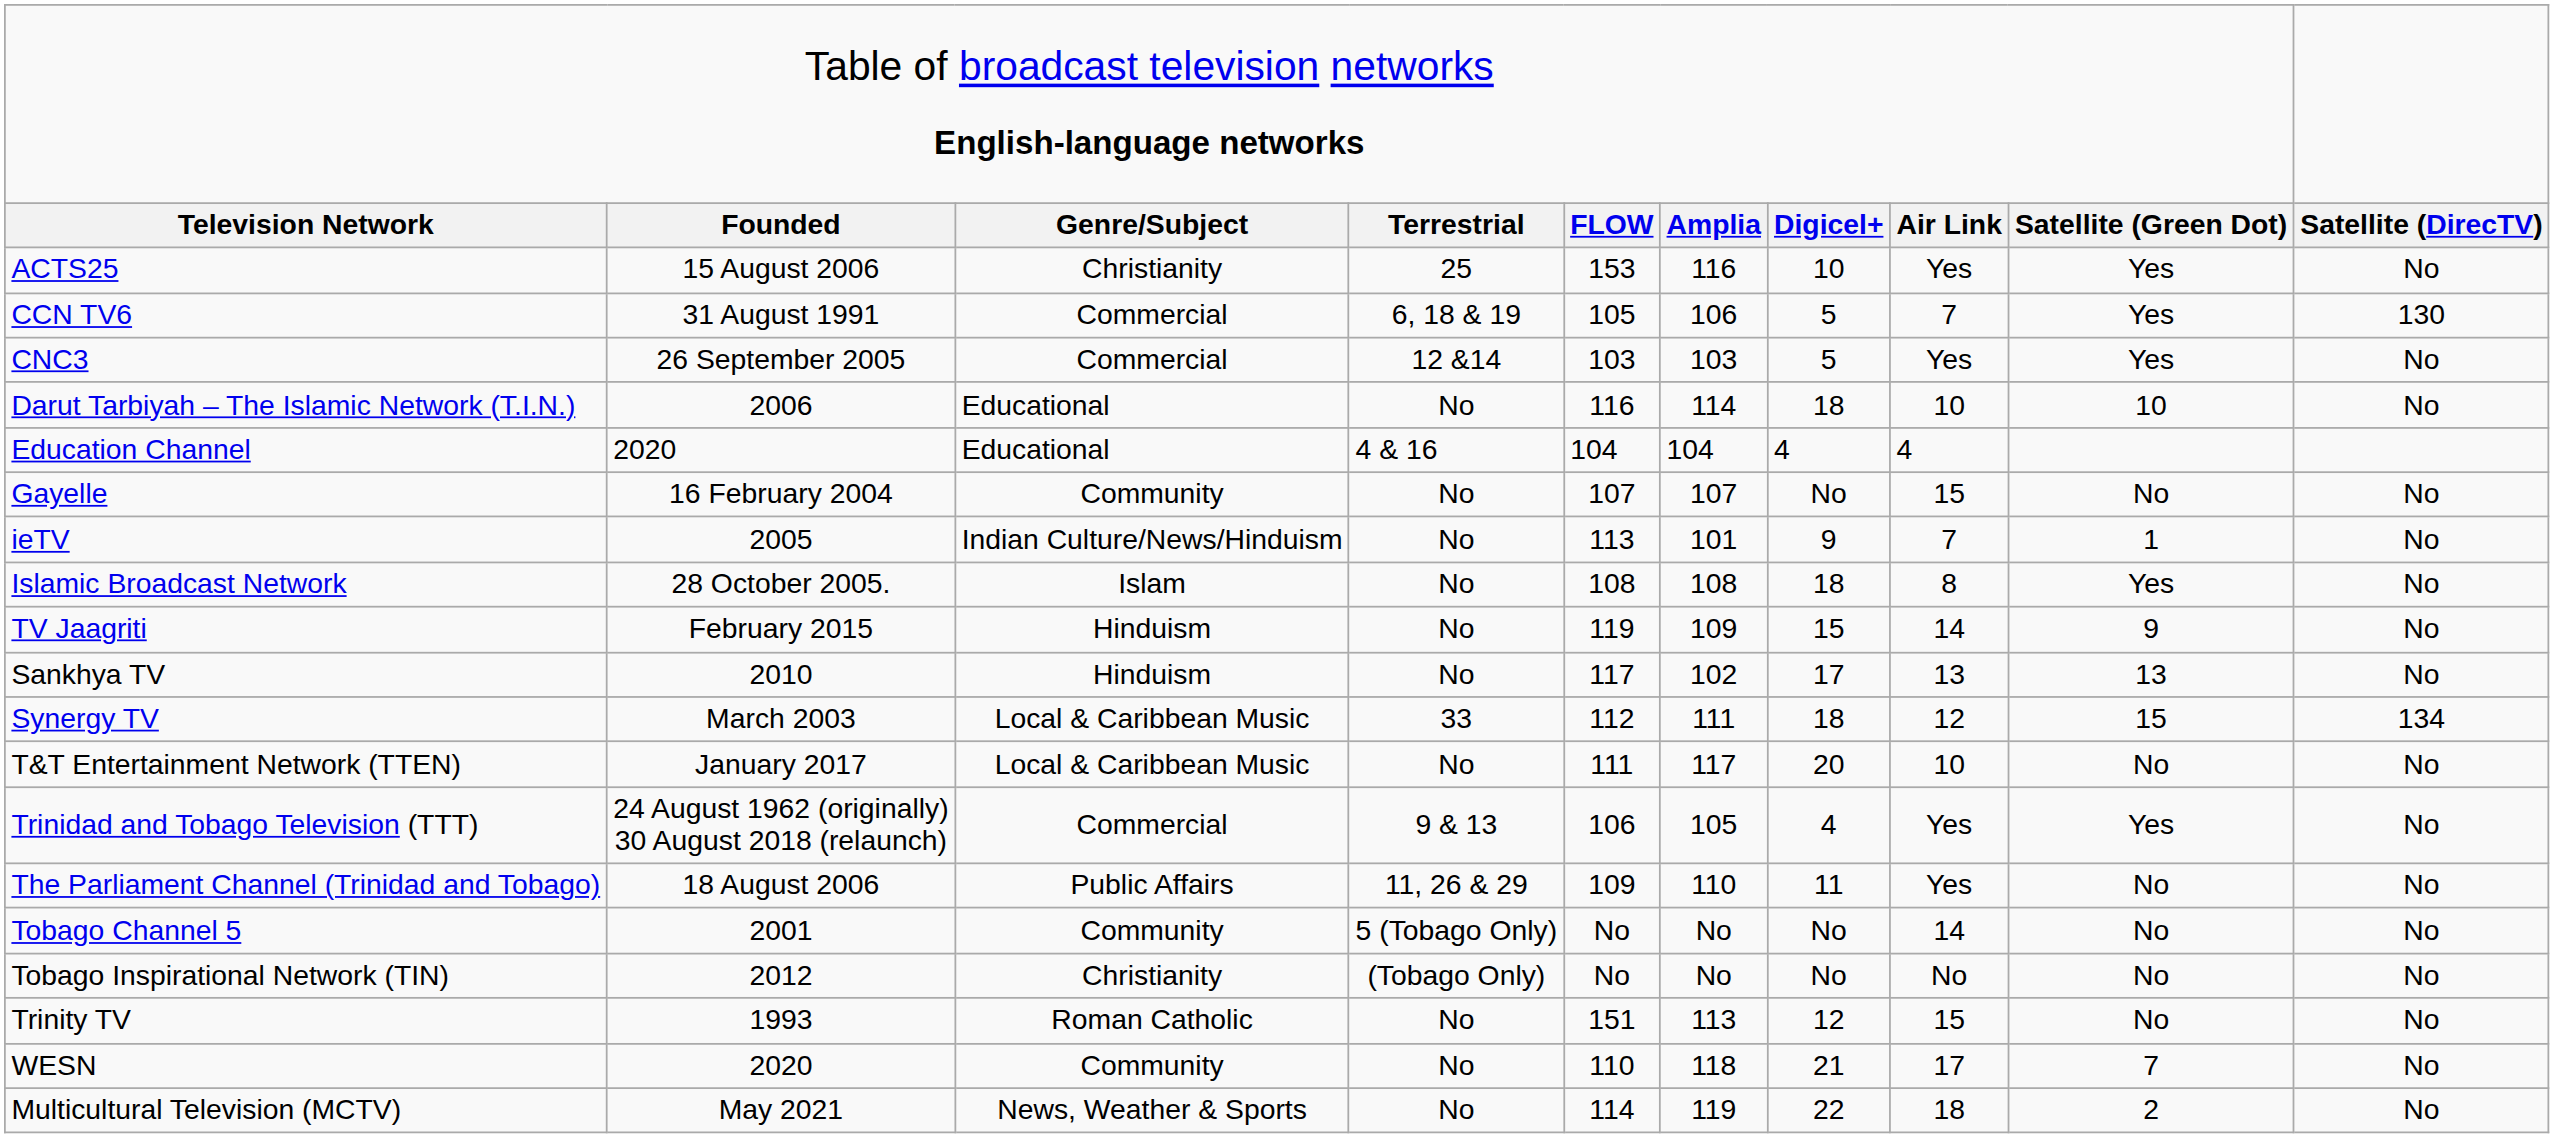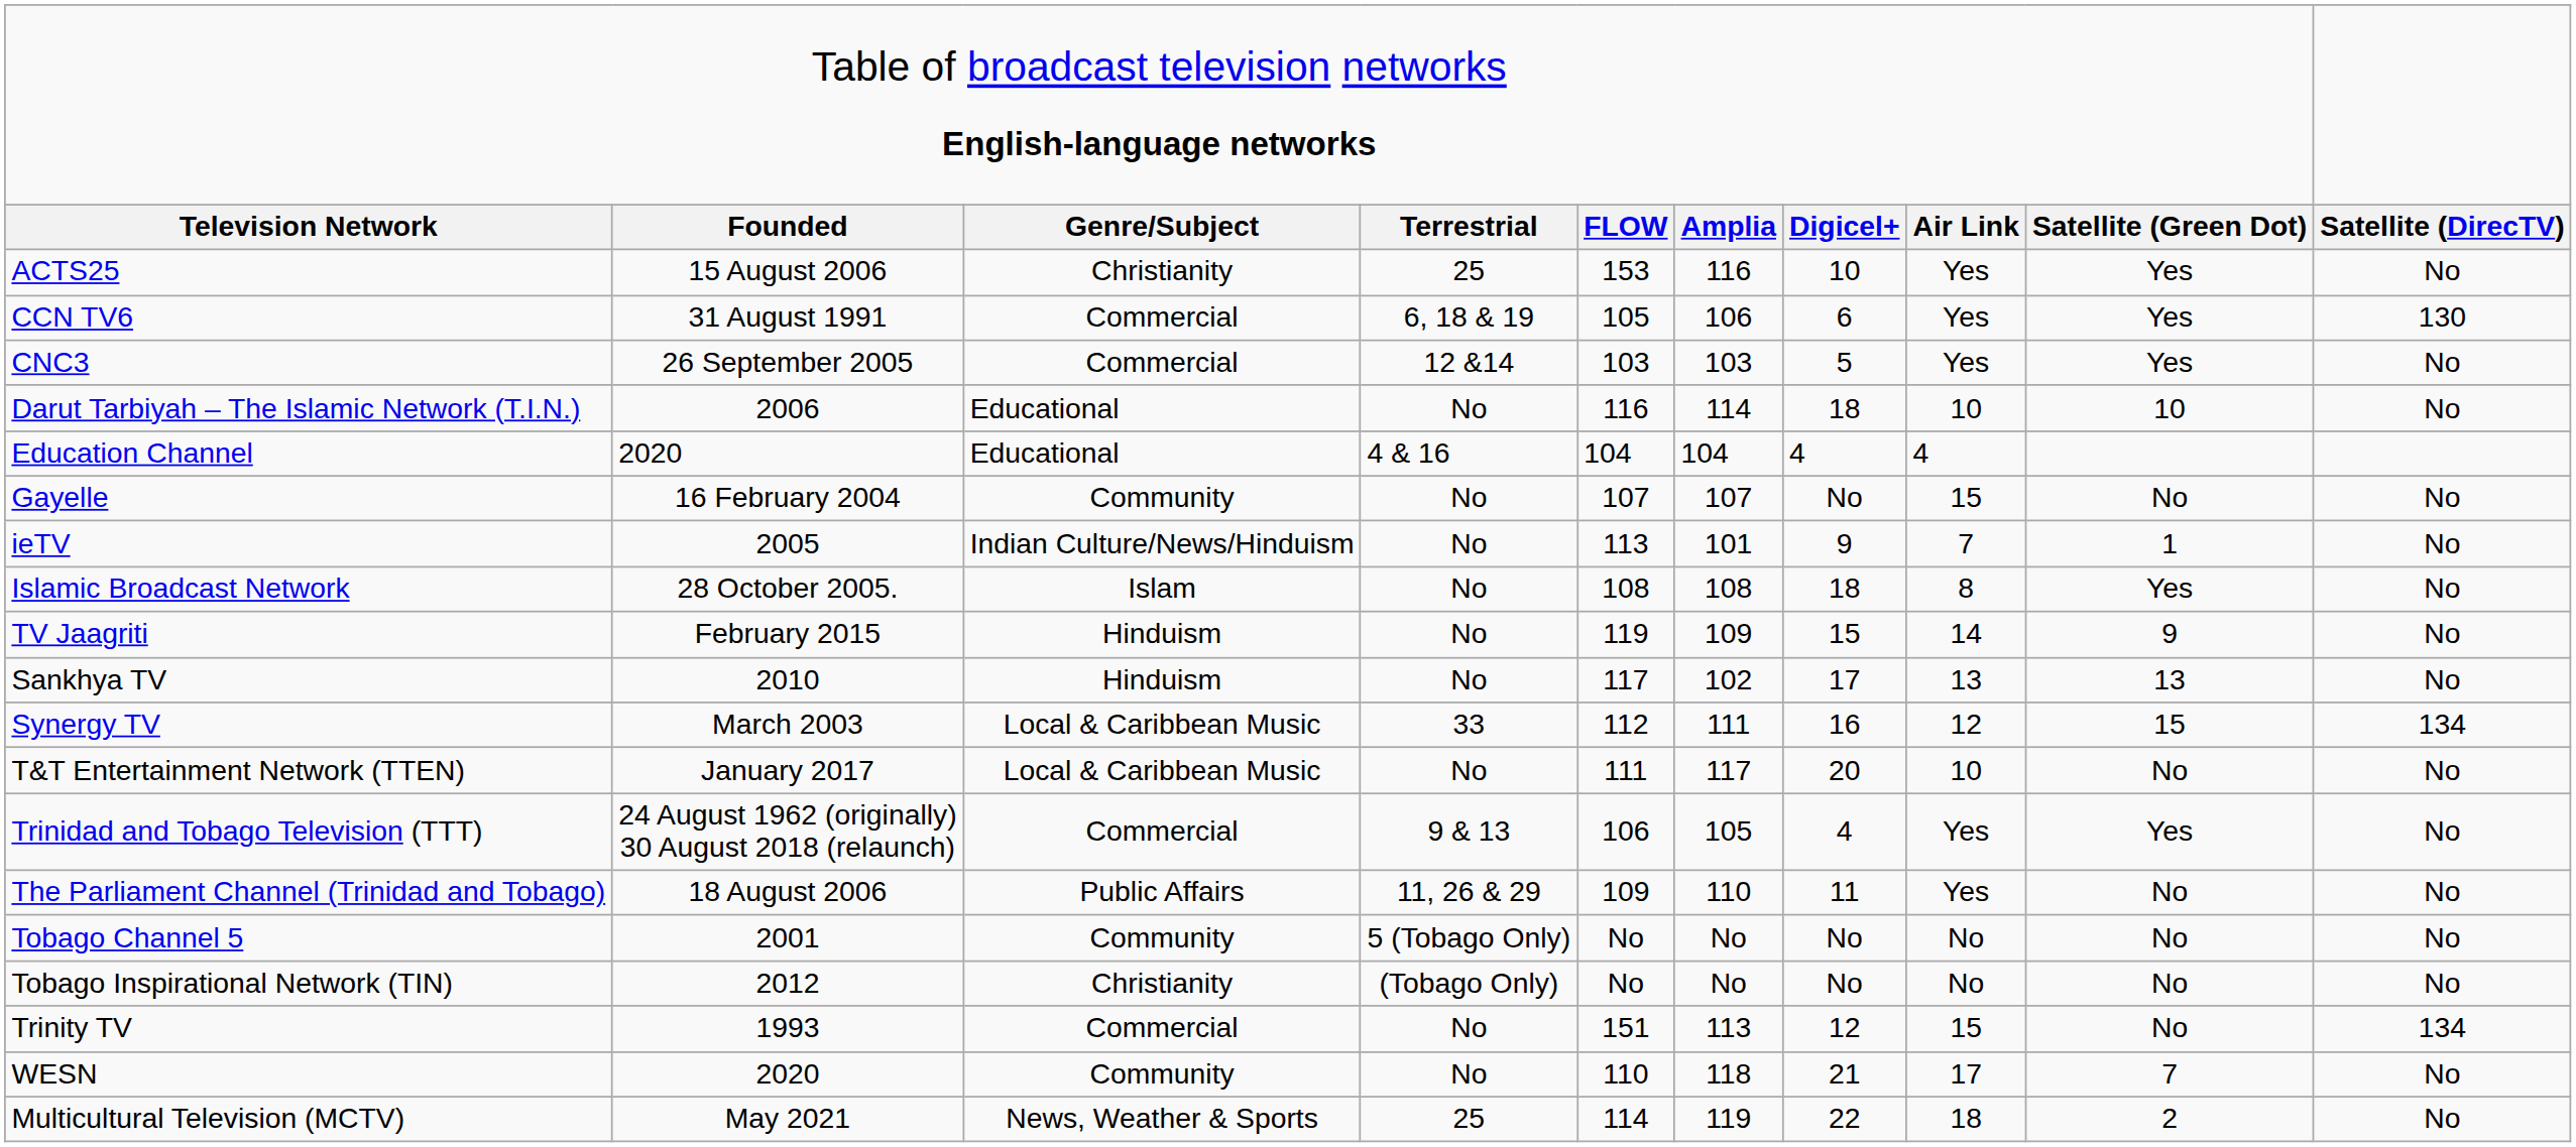 <table class="wikitable">
 <tr>
 <td colspan="9" align="center"><br><big><big>Table of <a href='#'>broadcast television</a> <a href='#'>networks</a></big></big><h3>English-language networks</h3></td>
 </tr>
 <tr>
 <th>Television Network</th>
 <th>Founded</th>
 <th>Genre/Subject</th>
 <th>Terrestrial</th>
 <th><a href='#'>FLOW</a></th>
 <th><a href='#'>Amplia</a></th>
 <th><a href='#'>Digicel+</a></th>
 <th>Air Link</th>
 <th>Satellite (Green Dot)</th>
 <th>Satellite (<a href='#'>DirecTV</a>)</th>
 </tr>
 <tr>
 <td><a href='#'>ACTS25</a></td>
 <td align="center">15 August 2006</td>
 <td align="center">Christianity</td>
 <td align="center">25</td>
 <td align="center">153</td>
 <td align="center">116</td>
 <td align="center">10</td>
 <td align="center">Yes</td>
 <td align="center">Yes</td>
 <td align="center">No</td>
 </tr>
 <tr>
 <td><a href='#'>CCN TV6</a></td>
 <td align="center">31 August 1991</td>
 <td align="center">Commercial</td>
 <td align="center">6, 18 & 19</td>
 <td align="center">105</td>
 <td align="center">106</td>
-<td align="center">5</td>
-<td align="center">7</td>
+<td align="center">6</td>
+<td align="center">Yes</td>
 <td align="center">Yes</td>
 <td align="center">130</td>
 </tr>
 <tr>
 <td><a href='#'>CNC3</a></td>
 <td align="center">26 September 2005</td>
 <td align="center">Commercial</td>
 <td align="center">12 &14</td>
 <td align="center">103</td>
 <td align="center">103</td>
 <td align="center">5</td>
 <td align="center">Yes</td>
 <td align="center">Yes</td>
 <td align="center">No</td>
 </tr>
 <tr>
 <td><a href='#'>Darut Tarbiyah – The Islamic Network (T.I.N.)</a></td>
 <td align="center">2006</td>
 <td>Educational</td>
 <td align="center">No</td>
 <td align="center">116</td>
 <td align="center">114</td>
 <td align="center">18</td>
 <td align="center">10</td>
 <td align="center">10</td>
 <td align="center">No</td>
 </tr>
 <tr>
 <td><a href='#'>Education Channel</a></td>
 <td>2020</td>
 <td>Educational</td>
 <td>4 & 16</td>
 <td>104</td>
 <td>104</td>
 <td>4</td>
 <td>4</td>
 <td></td>
 <td></td>
 </tr>
 <tr>
 <td><a href='#'>Gayelle</a></td>
 <td align="center">16 February 2004</td>
 <td align="center">Community</td>
 <td align="center">No</td>
 <td align="center">107</td>
 <td align="center">107</td>
 <td align="center">No</td>
 <td align="center">15</td>
 <td align="center">No</td>
 <td align="center">No</td>
 </tr>
 <tr>
 <td><a href='#'>ieTV</a></td>
 <td align="center">2005</td>
 <td align="center">Indian Culture/News/Hinduism</td>
 <td align="center">No</td>
 <td align="center">113</td>
 <td align="center">101</td>
 <td align="center">9</td>
 <td align="center">7</td>
 <td align="center">1</td>
 <td align="center">No</td>
 </tr>
 <tr>
 <td><a href='#'>Islamic Broadcast Network</a></td>
 <td align="center">28 October 2005.</td>
 <td align="center">Islam</td>
 <td align="center">No</td>
 <td align="center">108</td>
 <td align="center">108</td>
 <td align="center">18</td>
 <td align="center">8</td>
 <td align="center">Yes</td>
 <td align="center">No</td>
 </tr>
 <tr>
 <td><a href='#'>TV Jaagriti</a></td>
 <td align="center">February 2015</td>
 <td align="center">Hinduism</td>
 <td align="center">No</td>
 <td align="center">119</td>
 <td align="center">109</td>
 <td align="center">15</td>
 <td align="center">14</td>
 <td align="center">9</td>
 <td align="center">No</td>
 </tr>
 <tr>
 <td>Sankhya TV</td>
 <td align="center">2010</td>
 <td align="center">Hinduism</td>
 <td align="center">No</td>
 <td align="center">117</td>
 <td align="center">102</td>
 <td align="center">17</td>
 <td align="center">13</td>
 <td align="center">13</td>
 <td align="center">No</td>
 </tr>
 <tr>
 <td><a href='#'>Synergy TV</a></td>
 <td align="center">March 2003</td>
 <td align="center">Local & Caribbean Music</td>
 <td align="center">33</td>
 <td align="center">112</td>
 <td align="center">111</td>
-<td align="center">18</td>
+<td align="center">16</td>
 <td align="center">12</td>
 <td align="center">15</td>
 <td align="center">134</td>
 </tr>
 <tr>
 <td>T&T Entertainment Network (TTEN)</td>
 <td align="center">January 2017</td>
 <td align="center">Local & Caribbean Music</td>
 <td align="center">No</td>
 <td align="center">111</td>
 <td align="center">117</td>
 <td align="center">20</td>
 <td align="center">10</td>
 <td align="center">No</td>
 <td align="center">No</td>
 </tr>
 <tr>
 <td><a href='#'>Trinidad and Tobago Television</a> (TTT)</td>
 <td align="center">24 August 1962 (originally)<br>30 August 2018 (relaunch)</td>
 <td align="center">Commercial</td>
 <td align="center">9 & 13</td>
 <td align="center">106</td>
 <td align="center">105</td>
 <td align="center">4</td>
 <td align="center">Yes</td>
 <td align="center">Yes</td>
 <td align="center">No</td>
 </tr>
 <tr>
 <td><a href='#'>The Parliament Channel (Trinidad and Tobago)</a></td>
 <td align="center">18 August 2006</td>
 <td align="center">Public Affairs</td>
 <td align="center">11, 26 & 29</td>
 <td align="center">109</td>
 <td align="center">110</td>
 <td align="center">11</td>
 <td align="center">Yes</td>
 <td align="center">No</td>
 <td align="center">No</td>
 </tr>
 <tr>
 <td><a href='#'>Tobago Channel 5</a></td>
 <td align="center">2001</td>
 <td align="center">Community</td>
 <td align="center">5 (Tobago Only)</td>
 <td align="center">No</td>
 <td align="center">No</td>
 <td align="center">No</td>
-<td align="center">14</td>
+<td align="center">No</td>
 <td align="center">No</td>
 <td align="center">No</td>
 </tr>
 <tr>
 <td>Tobago Inspirational Network (TIN)</td>
 <td align="center">2012</td>
 <td align="center">Christianity</td>
 <td align="center">(Tobago Only)</td>
 <td align="center">No</td>
 <td align="center">No</td>
 <td align="center">No</td>
 <td align="center">No</td>
 <td align="center">No</td>
 <td align="center">No</td>
 </tr>
 <tr>
 <td>Trinity TV</td>
 <td align="center">1993</td>
-<td align="center">Roman Catholic</td>
+<td align="center">Commercial</td>
 <td align="center">No</td>
 <td align="center">151</td>
 <td align="center">113</td>
 <td align="center">12</td>
 <td align="center">15</td>
 <td align="center">No</td>
-<td align="center">No</td>
+<td align="center">134</td>
 </tr>
 <tr>
 <td>WESN</td>
 <td align="center">2020</td>
 <td align="center">Community</td>
 <td align="center">No</td>
 <td align="center">110</td>
 <td align="center">118</td>
 <td align="center">21</td>
 <td align="center">17</td>
 <td align="center">7</td>
 <td align="center">No</td>
 </tr>
 <tr>
 <td>Multicultural Television (MCTV)</td>
 <td align="center">May 2021</td>
 <td align="center">News, Weather & Sports</td>
-<td align="center">No</td>
+<td align="center">25</td>
 <td align="center">114</td>
 <td align="center">119</td>
 <td align="center">22</td>
 <td align="center">18</td>
 <td align="center">2</td>
 <td align="center">No</td>
 </tr>
 </table>
